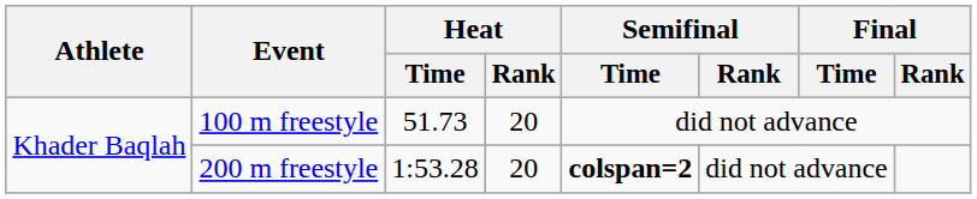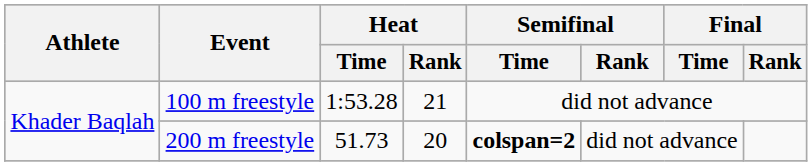 <table class=wikitable style="font-size:90%">
 <tr>
 <th rowspan=2>Athlete</th>
 <th rowspan=2>Event</th>
 <th colspan="2">Heat</th>
 <th colspan="2">Semifinal</th>
 <th colspan="2">Final</th>
 </tr>
 <tr style="font-size:95%">
 <th>Time</th>
 <th>Rank</th>
 <th>Time</th>
 <th>Rank</th>
 <th>Time</th>
 <th>Rank</th>
 </tr>
 <tr align=center>
 <td align=left rowspan=2><a href='#'>Khader Baqlah</a></td>
 <td align=left><a href='#'>100 m freestyle</a></td>
-<td>51.73</td>
-<td>20</td>
+<td>1:53.28</td>
+<td>21</td>
 <td colspan=4>did not advance</td>
 </tr>
 <tr align=center>
 <td align=left><a href='#'>200 m freestyle</a></td>
-<td>1:53.28</td>
+<td>51.73</td>
 <td>20</td>
 <td><strong>colspan=2 </strong></td>
 <td colspan=2>did not advance</td>
 </tr>
 </table>
